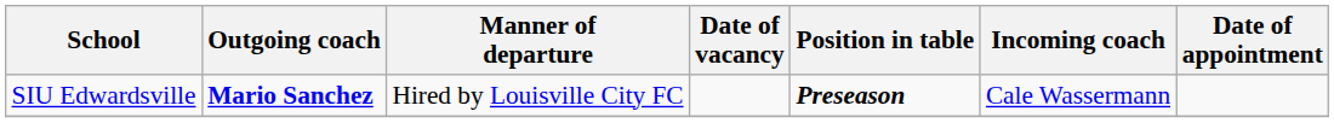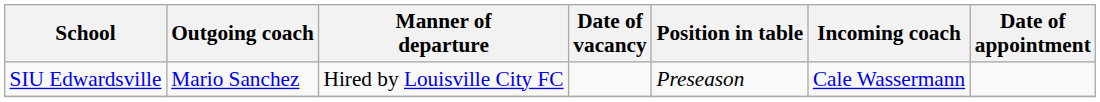 <table class="wikitable sortable">
 <tr>
 <th>School</th>
 <th>Outgoing coach</th>
 <th>Manner of <br> departure</th>
 <th>Date of <br> vacancy</th>
 <th>Position in table</th>
 <th>Incoming coach</th>
 <th>Date of <br> appointment</th>
 </tr>
 <tr>
 <td><a href='#'>SIU Edwardsville</a></td>
-<td><strong> <a href='#'>Mario Sanchez</a></strong></td>
+<td> <a href='#'>Mario Sanchez</a></td>
 <td>Hired by <a href='#'>Louisville City FC</a></td>
 <td></td>
-<td><strong><em>Preseason</em></strong></td>
+<td><em>Preseason</em></td>
 <td> <a href='#'>Cale Wassermann</a></td>
 <td></td>
 </tr>
 <tr>
 </tr>
 </table>
